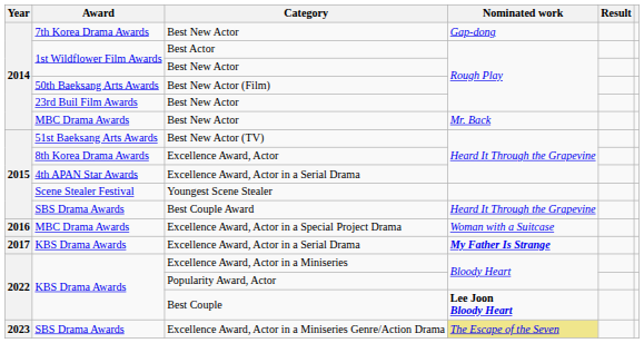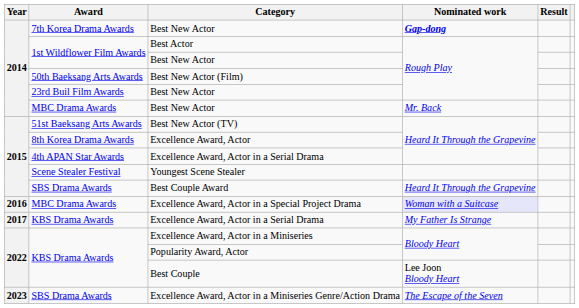 <table class="wikitable plainrowheaders">
 <tr>
 <th scope="col">Year</th>
 <th scope="col">Award</th>
 <th scope="col">Category</th>
 <th scope="col">Nominated work</th>
 <th scope="col">Result</th>
 <th scope="col" class="unsortable"></th>
 </tr>
 <tr>
 <th scope="row" rowspan="6">2014</th>
 <td><a href='#'>7th Korea Drama Awards</a></td>
 <td>Best New Actor</td>
-<td><em><a href='#'>Gap-dong</a></em></td>
+<td><strong><em><a href='#'>Gap-dong</a></em></strong></td>
 <td></td>
 <td style="text-align:center"></td>
 </tr>
 <tr>
 <td rowspan="2"><a href='#'>1st Wildflower Film Awards</a></td>
 <td>Best Actor</td>
 <td rowspan="4"><em><a href='#'>Rough Play</a></em></td>
 <td></td>
 <td style="text-align:center"></td>
 </tr>
 <tr>
 <td>Best New Actor</td>
 <td></td>
 <td style="text-align:center"></td>
 </tr>
 <tr>
 <td><a href='#'>50th Baeksang Arts Awards</a></td>
 <td>Best New Actor (Film)</td>
 <td></td>
 <td style="text-align:center"></td>
 </tr>
 <tr>
 <td><a href='#'>23rd Buil Film Awards</a></td>
 <td>Best New Actor</td>
 <td></td>
 <td style="text-align:center"></td>
 </tr>
 <tr>
 <td><a href='#'>MBC Drama Awards</a></td>
 <td>Best New Actor</td>
 <td><em><a href='#'>Mr. Back</a></em></td>
 <td></td>
 <td style="text-align:center"></td>
 </tr>
 <tr>
 <th scope="row" rowspan="5">2015</th>
 <td><a href='#'>51st Baeksang Arts Awards</a></td>
 <td>Best New Actor (TV)</td>
 <td rowspan="3"><em><a href='#'>Heard It Through the Grapevine</a></em></td>
 <td></td>
 <td style="text-align:center"></td>
 </tr>
 <tr>
 <td><a href='#'>8th Korea Drama Awards</a></td>
 <td>Excellence Award, Actor</td>
 <td></td>
 <td style="text-align:center"></td>
 </tr>
 <tr>
 <td><a href='#'>4th APAN Star Awards</a></td>
 <td>Excellence Award, Actor in a Serial Drama</td>
 <td></td>
 <td style="text-align:center"></td>
 </tr>
 <tr>
 <td><a href='#'>Scene Stealer Festival</a></td>
 <td>Youngest Scene Stealer</td>
 <td></td>
 <td></td>
 <td style="text-align:center"></td>
 </tr>
 <tr>
 <td><a href='#'>SBS Drama Awards</a></td>
 <td>Best Couple Award </td>
 <td><em><a href='#'>Heard It Through the Grapevine</a></em></td>
 <td></td>
 <td style="text-align:center"></td>
 </tr>
 <tr>
 <th scope="row">2016</th>
 <td><a href='#'>MBC Drama Awards</a></td>
 <td>Excellence Award, Actor in a Special Project Drama</td>
-<td><em><a href='#'>Woman with a Suitcase</a></em></td>
+<td style="background: lavender;"><em><a href='#'>Woman with a Suitcase</a></em></td>
 <td></td>
 <td style="text-align:center"></td>
 </tr>
 <tr>
 <th scope="row">2017</th>
 <td><a href='#'>KBS Drama Awards</a></td>
 <td>Excellence Award, Actor in a Serial Drama</td>
-<td><strong><em><a href='#'>My Father Is Strange</a></em></strong></td>
+<td><em><a href='#'>My Father Is Strange</a></em></td>
 <td></td>
 <td style="text-align:center"></td>
 </tr>
 <tr>
 <th scope="row" rowspan="3">2022</th>
 <td rowspan="3"><a href='#'>KBS Drama Awards</a></td>
 <td>Excellence Award, Actor in a Miniseries</td>
 <td rowspan="2"><em><a href='#'>Bloody Heart</a></em></td>
 <td></td>
 <td style="text-align:center"></td>
 </tr>
 <tr>
 <td>Popularity Award, Actor</td>
 <td></td>
 <td style="text-align:center"></td>
 </tr>
 <tr>
 <td>Best Couple</td>
-<td><strong>Lee Joon <br><em><a href='#'>Bloody Heart</a></em></strong></td>
+<td>Lee Joon <br><em><a href='#'>Bloody Heart</a></em></td>
 <td></td>
 <td style="text-align:center"></td>
 </tr>
 <tr>
 <th scope="row">2023</th>
 <td><a href='#'>SBS Drama Awards</a></td>
 <td>Excellence Award, Actor in a Miniseries Genre/Action Drama</td>
-<td style="background: khaki;"><em><a href='#'>The Escape of the Seven</a></em></td>
+<td><em><a href='#'>The Escape of the Seven</a></em></td>
 <td></td>
 <td style="text-align:center"></td>
 </tr>
 </table>
